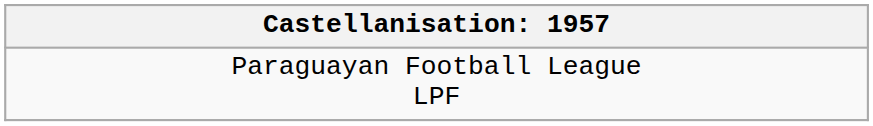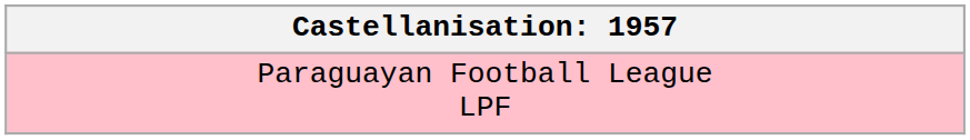 <table class="wikitable" border="1" style="font-size: 95%; margin: 10px auto; text-align: center; width: 65%;">
 <tr>
 <th>Castellanisation: 1957</th>
 </tr>
 <tr>
-<td>Paraguayan Football League<br>LPF</td>
+<td style="background: pink;">Paraguayan Football League<br>LPF</td>
 </tr>
 </table>
